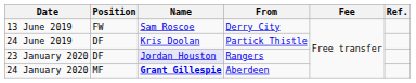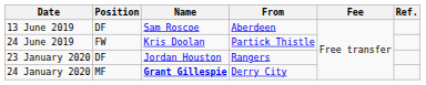 <table class="wikitable">
 <tr>
 <th>Date</th>
 <th>Position</th>
 <th>Name</th>
 <th>From</th>
 <th>Fee</th>
 <th>Ref.</th>
 </tr>
 <tr>
 <td>13 June 2019</td>
-<td>FW</td>
+<td>DF</td>
 <td><a href='#'>Sam Roscoe</a></td>
-<td> <a href='#'>Derry City</a></td>
+<td><a href='#'>Aberdeen</a></td>
 <td rowspan="4">Free transfer</td>
 <td></td>
 </tr>
 <tr>
 <td>24 June 2019</td>
-<td>DF</td>
+<td>FW</td>
 <td><a href='#'>Kris Doolan</a></td>
 <td><a href='#'>Partick Thistle</a></td>
 <td></td>
 </tr>
 <tr>
 <td>23 January 2020</td>
 <td>DF</td>
-<td style="background: lavender;"><a href='#'>Jordan Houston</a></td>
+<td><a href='#'>Jordan Houston</a></td>
 <td><a href='#'>Rangers</a></td>
 <td></td>
 </tr>
 <tr>
 <td>24 January 2020</td>
 <td>MF</td>
 <td><strong><a href='#'>Grant Gillespie</a></strong></td>
-<td><a href='#'>Aberdeen</a></td>
+<td> <a href='#'>Derry City</a></td>
 <td></td>
 </tr>
 </table>
